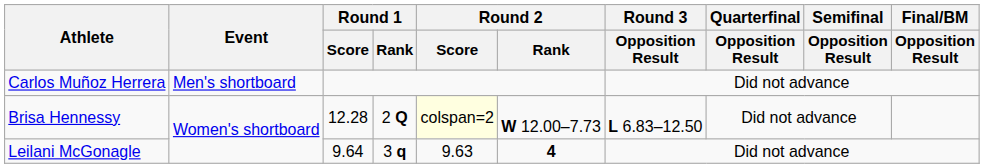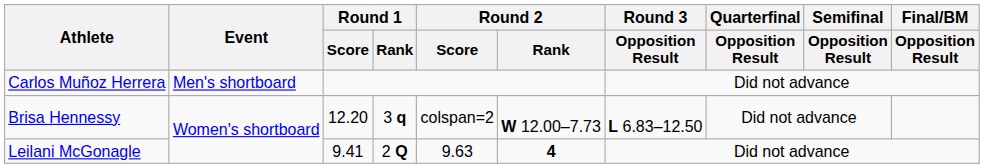 <table class=wikitable style="font-size:90%">
 <tr>
 <th rowspan="2">Athlete</th>
 <th rowspan="2">Event</th>
 <th colspan="2">Round 1</th>
 <th colspan="2">Round 2</th>
 <th>Round 3</th>
 <th>Quarterfinal</th>
 <th>Semifinal</th>
 <th>Final/BM</th>
 </tr>
 <tr style="font-size:95%">
 <th>Score</th>
 <th>Rank</th>
 <th>Score</th>
 <th>Rank</th>
 <th>Opposition<br>Result</th>
 <th>Opposition<br>Result</th>
 <th>Opposition<br>Result</th>
 <th>Opposition<br>Result</th>
 </tr>
 <tr align=center>
 <td align=left><a href='#'>Carlos Muñoz Herrera</a></td>
 <td align=left><a href='#'>Men's shortboard</a></td>
 <td colspan="4"></td>
 <td colspan="4">Did not advance</td>
 </tr>
 <tr align=center>
 <td align=left><a href='#'>Brisa Hennessy</a></td>
 <td rowspan="2" align=left><a href='#'>Women's shortboard</a></td>
-<td>12.28</td>
-<td>2 <strong>Q</strong></td>
-<td style="background: lightyellow;">colspan=2 </td>
+<td>12.20</td>
+<td>3 <strong>q</strong></td>
+<td>colspan=2 </td>
 <td><br><strong>W</strong> 12.00–7.73</td>
 <td><br><strong>L</strong> 6.83–12.50</td>
 <td colspan="2">Did not advance</td>
 </tr>
 <tr align=center>
 <td align=left><a href='#'>Leilani McGonagle</a></td>
-<td>9.64</td>
-<td>3 <strong>q</strong></td>
+<td>9.41</td>
+<td>2 <strong>Q</strong></td>
 <td>9.63</td>
 <td><strong>4</strong></td>
 <td colspan="4">Did not advance</td>
 </tr>
 </table>
